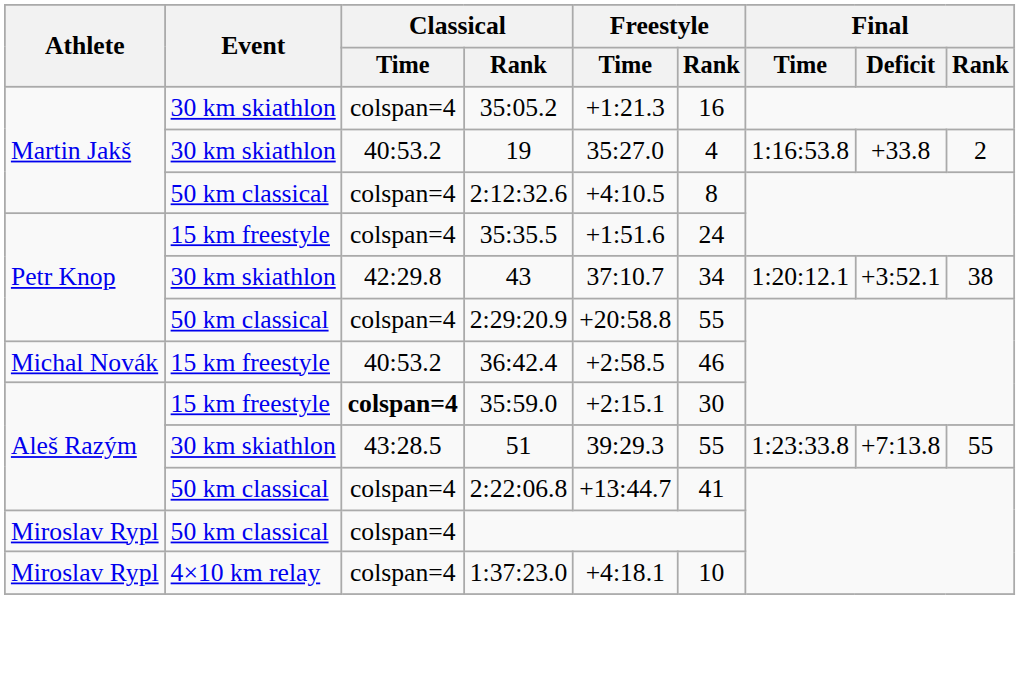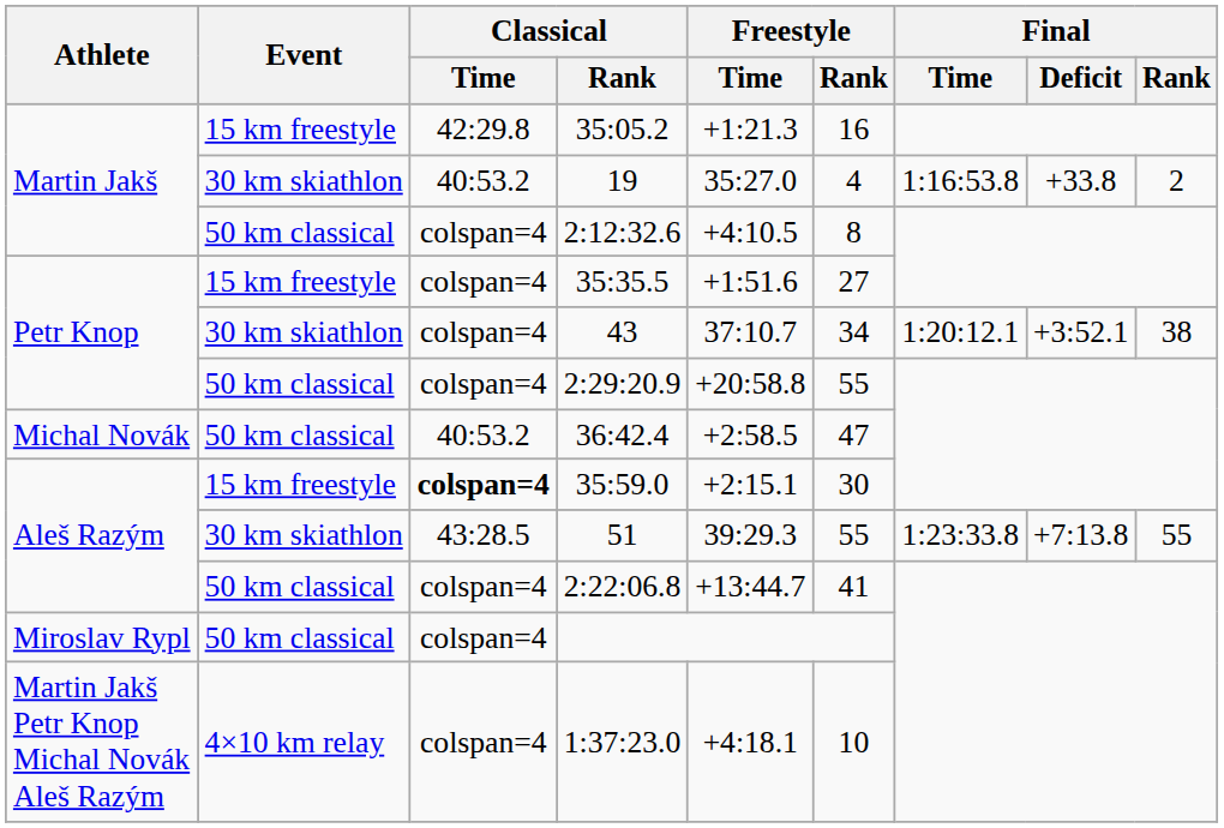 <table class="wikitable" style="font-size:90%">
 <tr>
 <th rowspan=2>Athlete</th>
 <th rowspan=2>Event</th>
 <th colspan=2>Classical</th>
 <th colspan=2>Freestyle</th>
 <th colspan=3>Final</th>
 </tr>
 <tr style="font-size: 95%">
 <th>Time</th>
 <th>Rank</th>
 <th>Time</th>
 <th>Rank</th>
 <th>Time</th>
 <th>Deficit</th>
 <th>Rank</th>
 </tr>
 <tr align=center>
 <td align=left rowspan=3><a href='#'>Martin Jakš</a></td>
-<td align=left><a href='#'>30 km skiathlon</a></td>
-<td>colspan=4 </td>
+<td align=left><a href='#'>15 km freestyle</a></td>
+<td>42:29.8</td>
 <td>35:05.2</td>
 <td>+1:21.3</td>
 <td>16</td>
 </tr>
 <tr align=center>
 <td align=left><a href='#'>30 km skiathlon</a></td>
 <td>40:53.2</td>
 <td>19</td>
 <td>35:27.0</td>
 <td>4</td>
 <td>1:16:53.8</td>
 <td>+33.8</td>
 <td>2</td>
 </tr>
 <tr align=center>
 <td align=left><a href='#'>50 km classical</a></td>
 <td>colspan=4 </td>
 <td>2:12:32.6</td>
 <td>+4:10.5</td>
 <td>8</td>
 </tr>
 <tr align=center>
 <td align=left rowspan=3><a href='#'>Petr Knop</a></td>
 <td align=left><a href='#'>15 km freestyle</a></td>
 <td>colspan=4 </td>
 <td>35:35.5</td>
 <td>+1:51.6</td>
-<td>24</td>
+<td>27</td>
 </tr>
 <tr align=center>
 <td align=left><a href='#'>30 km skiathlon</a></td>
-<td>42:29.8</td>
+<td>colspan=4 </td>
 <td>43</td>
 <td>37:10.7</td>
 <td>34</td>
 <td>1:20:12.1</td>
 <td>+3:52.1</td>
 <td>38</td>
 </tr>
 <tr align=center>
 <td align=left><a href='#'>50 km classical</a></td>
 <td>colspan=4 </td>
 <td>2:29:20.9</td>
 <td>+20:58.8</td>
 <td>55</td>
 </tr>
 <tr align=center>
 <td align=left><a href='#'>Michal Novák</a></td>
-<td align=left><a href='#'>15 km freestyle</a></td>
+<td align=left><a href='#'>50 km classical</a></td>
 <td>40:53.2</td>
 <td>36:42.4</td>
 <td>+2:58.5</td>
-<td>46</td>
+<td>47</td>
 </tr>
 <tr align=center>
 <td align=left rowspan=3><a href='#'>Aleš Razým</a></td>
 <td align=left><a href='#'>15 km freestyle</a></td>
 <td><strong>colspan=4 </strong></td>
 <td>35:59.0</td>
 <td>+2:15.1</td>
 <td>30</td>
 </tr>
 <tr align=center>
 <td align=left><a href='#'>30 km skiathlon</a></td>
 <td>43:28.5</td>
 <td>51</td>
 <td>39:29.3</td>
 <td>55</td>
 <td>1:23:33.8</td>
 <td>+7:13.8</td>
 <td>55</td>
 </tr>
 <tr align=center>
 <td align=left><a href='#'>50 km classical</a></td>
 <td>colspan=4 </td>
 <td>2:22:06.8</td>
 <td>+13:44.7</td>
 <td>41</td>
 </tr>
 <tr align=center>
 <td align=left><a href='#'>Miroslav Rypl</a></td>
 <td align=left><a href='#'>50 km classical</a></td>
 <td>colspan=4 </td>
 <td colspan=3></td>
 </tr>
 <tr align=center>
-<td align=left><a href='#'>Miroslav Rypl</a></td>
+<td align=left><a href='#'>Martin Jakš</a><br><a href='#'>Petr Knop</a><br><a href='#'>Michal Novák</a><br><a href='#'>Aleš Razým</a></td>
 <td align=left><a href='#'>4×10 km relay</a></td>
 <td>colspan=4 </td>
 <td>1:37:23.0</td>
 <td>+4:18.1</td>
 <td>10</td>
 </tr>
 </table>
